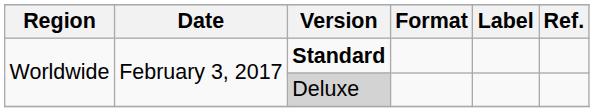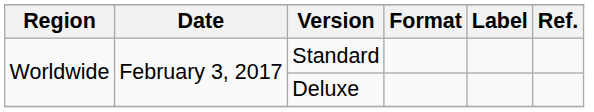 <table class="wikitable plainrowheaders">
 <tr>
 </tr>
 <tr>
 <th scope="col">Region</th>
 <th scope="col">Date</th>
 <th scope="col">Version</th>
 <th scope="col">Format</th>
 <th scope="col">Label</th>
 <th scope="col">Ref.</th>
 </tr>
 <tr>
 <td rowspan="2">Worldwide</td>
 <td rowspan="2">February 3, 2017</td>
-<td><strong>Standard</strong></td>
+<td>Standard</td>
 <td></td>
 <td></td>
 <td></td>
 </tr>
 <tr>
-<td style="background: lightgrey;">Deluxe</td>
+<td>Deluxe</td>
 <td></td>
 <td></td>
 <td></td>
 </tr>
 <tr>
 </tr>
 </table>
